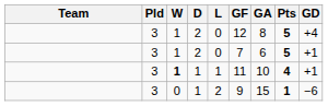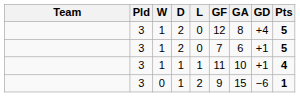 <table class="wikitable" style="text-align:center">
 <tr>
 <th width=175>Team</th>
 <th width=20>Pld</th>
 <th width=20>W</th>
 <th width=20>D</th>
 <th width=20>L</th>
 <th width=20>GF</th>
 <th width=20>GA</th>
+<th width=20>GD</th>
 <th width=20>Pts</th>
-<th width=20>GD</th>
 </tr>
 <tr>
 <td align=left></td>
 <td>3</td>
 <td>1</td>
 <td>2</td>
 <td>0</td>
 <td>12</td>
 <td>8</td>
+<td>+4</td>
 <td><strong>5</strong></td>
-<td>+4</td>
 </tr>
 <tr>
 <td align=left></td>
 <td>3</td>
 <td>1</td>
 <td>2</td>
 <td>0</td>
 <td>7</td>
 <td>6</td>
+<td>+1</td>
 <td><strong>5</strong></td>
-<td>+1</td>
 </tr>
 <tr>
 <td align=left></td>
 <td>3</td>
-<td><strong>1</strong></td>
+<td>1</td>
 <td>1</td>
 <td>1</td>
 <td>11</td>
 <td>10</td>
+<td>+1</td>
 <td><strong>4</strong></td>
-<td>+1</td>
 </tr>
 <tr>
 <td align=left></td>
 <td>3</td>
 <td>0</td>
 <td>1</td>
 <td>2</td>
 <td>9</td>
 <td>15</td>
+<td>−6</td>
 <td><strong>1</strong></td>
-<td>−6</td>
 </tr>
 </table>
